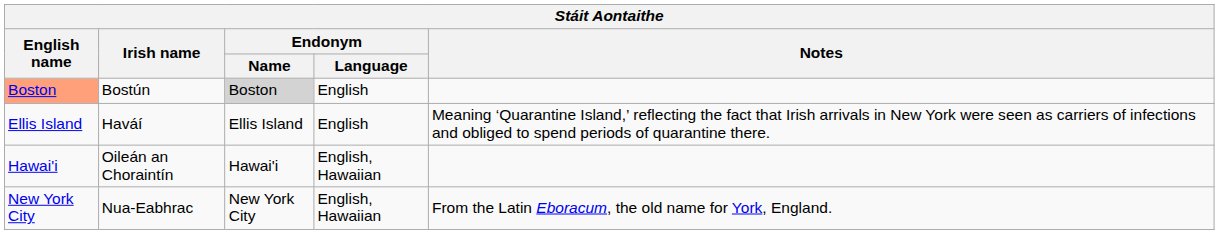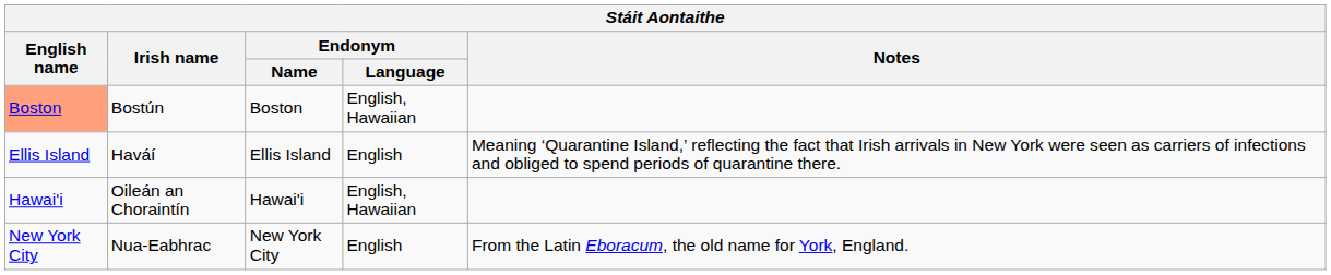 <table class="wikitable sortable">
 <tr>
 <th colspan="5"> <em>Stáit Aontaithe</em></th>
 </tr>
 <tr>
 <th rowspan="2">English name</th>
 <th rowspan="2">Irish name</th>
 <th colspan="2">Endonym</th>
 <th rowspan="2">Notes</th>
 </tr>
 <tr>
 <th>Name</th>
 <th>Language</th>
 </tr>
 <tr>
 <td style="background: lightsalmon;"><a href='#'>Boston</a></td>
 <td>Bostún</td>
-<td style="background: lightgrey;">Boston</td>
-<td>English</td>
+<td>Boston</td>
+<td>English, Hawaiian</td>
 <td></td>
 </tr>
 <tr>
 <td><a href='#'>Ellis Island</a></td>
 <td>Haváí</td>
 <td>Ellis Island</td>
 <td>English</td>
 <td>Meaning ‘Quarantine Island,’ reflecting the fact that Irish arrivals in New York were seen as carriers of infections and obliged to spend periods of quarantine there.</td>
 </tr>
 <tr>
 <td><a href='#'>Hawai'i</a></td>
 <td>Oileán an Choraintín</td>
 <td>Hawai'i</td>
 <td>English, Hawaiian</td>
 <td></td>
 </tr>
 <tr>
 <td><a href='#'>New York City</a></td>
 <td>Nua-Eabhrac</td>
 <td>New York City</td>
-<td>English, Hawaiian</td>
+<td>English</td>
 <td>From the Latin <em><a href='#'>Eboracum</a></em>, the old name for <a href='#'>York</a>, England.</td>
 </tr>
 </table>
